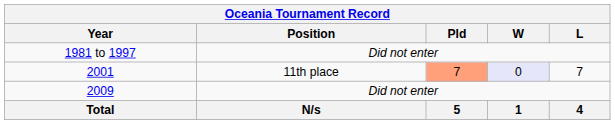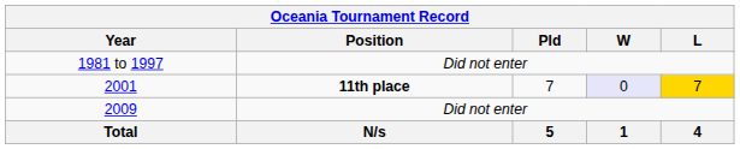 <table class="wikitable collapsible autocollapse" style="text-align: center; font-size:95%;" width=60%>
 <tr>
 <th colspan=9><a href='#'>Oceania Tournament Record</a></th>
 </tr>
 <tr>
 <th width=25%>Year</th>
 <th width=30%>Position</th>
 <th width=8%>Pld</th>
 <th width=8%>W</th>
 <th width=8%>L</th>
 </tr>
 <tr>
 <td><a href='#'>1981</a> to <a href='#'>1997</a></td>
 <td colspan=4><em>Did not enter</em></td>
 </tr>
 <tr>
 <td> <a href='#'>2001</a></td>
-<td>11th place</td>
-<td style="background: lightsalmon;">7</td>
+<td><strong>11th place</strong></td>
+<td>7</td>
 <td style="background: lavender;">0</td>
-<td>7</td>
+<td style="background: gold;">7</td>
 </tr>
 <tr>
 <td> <a href='#'>2009</a></td>
 <td colspan=4><em>Did not enter</em></td>
 </tr>
 <tr>
 <th><strong>Total</strong></th>
 <th>N/s</th>
 <th>5</th>
 <th>1</th>
 <th>4</th>
 </tr>
 </table>
